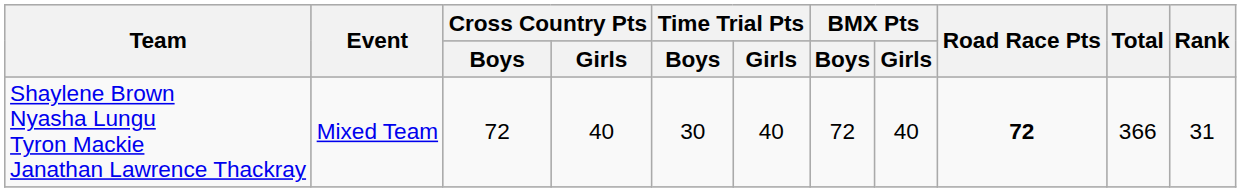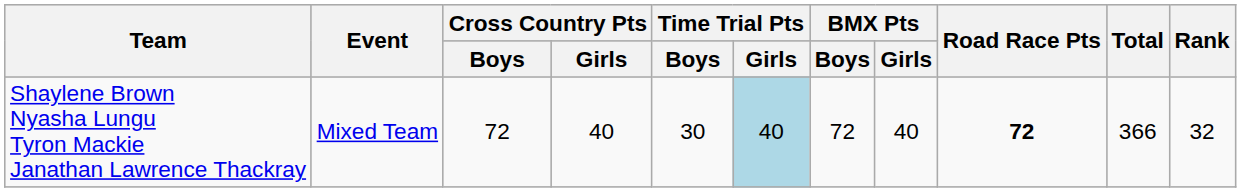 <table class="wikitable" border="1" style="font-size:90%">
 <tr>
 <th rowspan=2>Team</th>
 <th rowspan=2>Event</th>
 <th colspan=2>Cross Country Pts</th>
 <th colspan=2>Time Trial Pts</th>
 <th colspan=2>BMX Pts</th>
 <th rowspan=2>Road Race Pts</th>
 <th rowspan=2>Total</th>
 <th rowspan=2>Rank</th>
 </tr>
 <tr>
 <th>Boys</th>
 <th>Girls</th>
 <th>Boys</th>
 <th>Girls</th>
 <th>Boys</th>
 <th>Girls</th>
 </tr>
 <tr>
 <td><a href='#'>Shaylene Brown</a><br><a href='#'>Nyasha Lungu</a><br><a href='#'>Tyron Mackie</a><br><a href='#'>Janathan Lawrence Thackray</a></td>
 <td><a href='#'>Mixed Team</a></td>
 <td align=center>72</td>
 <td align=center>40</td>
 <td align=center>30</td>
-<td align=center>40</td>
+<td align=center style="background: lightblue;">40</td>
 <td align=center>72</td>
 <td align=center>40</td>
 <td align=center><strong>72</strong></td>
 <td align=center>366</td>
-<td align=center>31</td>
+<td align=center>32</td>
 </tr>
 </table>
